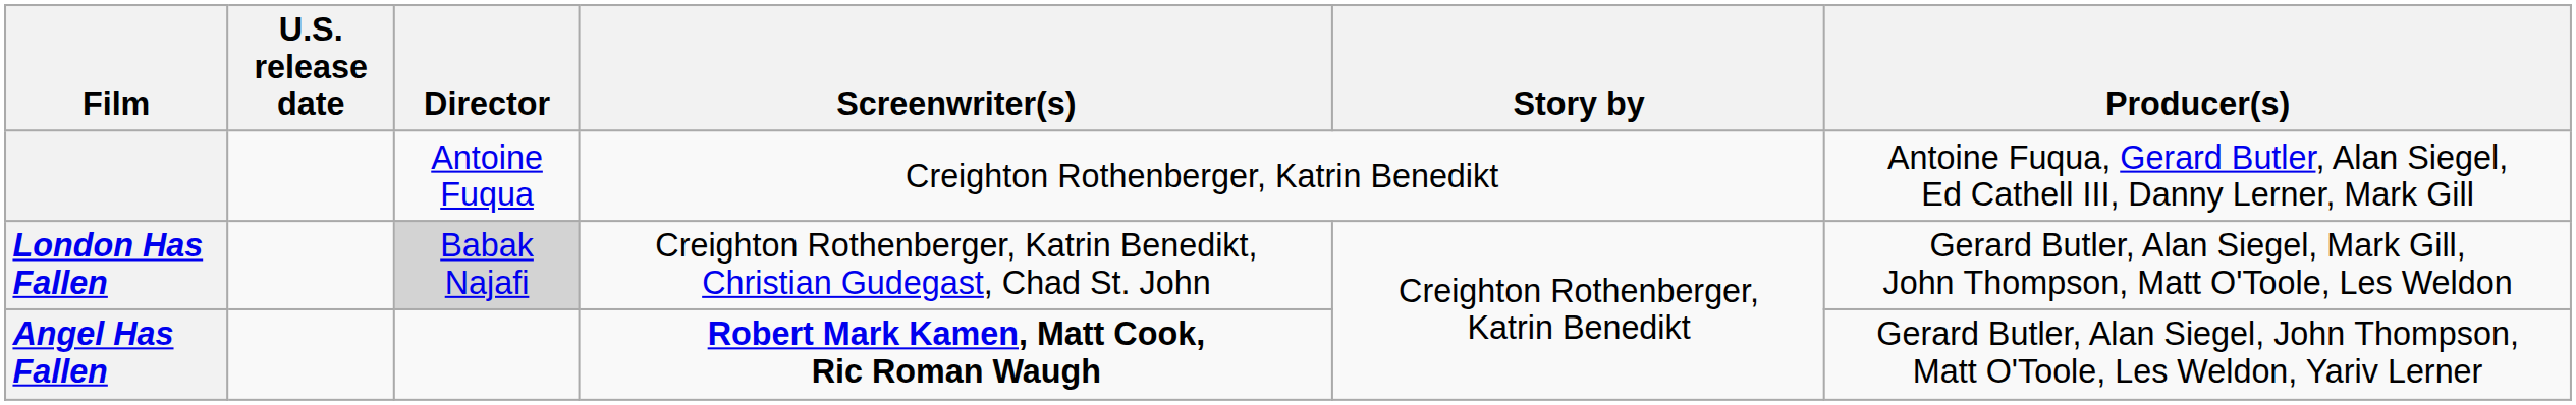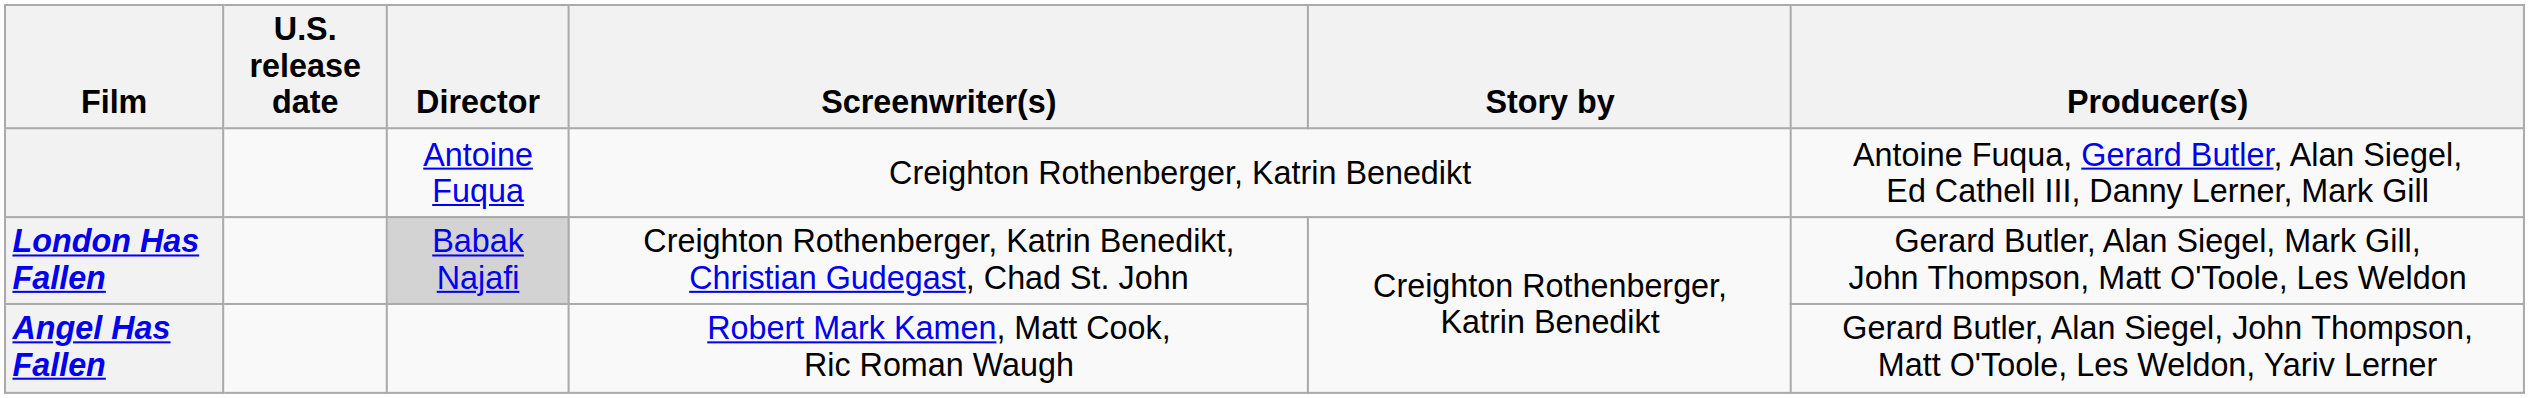 <table class="wikitable plainrowheaders" style="text-align:center;">
 <tr>
 <th scope="col" style="vertical-align:bottom;">Film</th>
 <th scope="col">U.S.<br>release date</th>
 <th scope="col" style="vertical-align:bottom;">Director</th>
 <th scope="col" style="vertical-align:bottom;">Screenwriter(s)</th>
 <th scope="col" style="vertical-align:bottom;">Story by</th>
 <th scope="col" style="vertical-align:bottom;">Producer(s)</th>
 </tr>
 <tr>
 <th scope="row" style="text-align:left;"></th>
 <td></td>
 <td><a href='#'>Antoine Fuqua</a></td>
 <td colspan="2">Creighton Rothenberger, Katrin Benedikt</td>
 <td>Antoine Fuqua, <a href='#'>Gerard&nbsp;Butler</a>, Alan Siegel, Ed Cathell III, Danny Lerner, Mark Gill</td>
 </tr>
 <tr>
 <th scope="row" style="text-align:left;"><em><a href='#'>London Has Fallen</a></em></th>
 <td></td>
 <td style="background: lightgrey;"><a href='#'>Babak Najafi</a></td>
 <td>Creighton Rothenberger, Katrin Benedikt, <a href='#'>Christian&nbsp;Gudegast</a>, Chad St. John</td>
 <td rowspan="2">Creighton Rothenberger, Katrin Benedikt</td>
 <td>Gerard Butler, Alan Siegel, Mark Gill, John Thompson, Matt O'Toole, Les Weldon</td>
 </tr>
 <tr>
 <th scope="row" style="text-align:left;"><em><a href='#'>Angel Has Fallen</a></em></th>
 <td></td>
 <td></td>
-<td><strong><a href='#'>Robert&nbsp;Mark&nbsp;Kamen</a>, Matt Cook, Ric Roman Waugh</strong></td>
+<td><a href='#'>Robert&nbsp;Mark&nbsp;Kamen</a>, Matt Cook, Ric Roman Waugh</td>
 <td>Gerard Butler, Alan Siegel, John Thompson, Matt O'Toole, Les Weldon, Yariv Lerner</td>
 </tr>
 </table>
